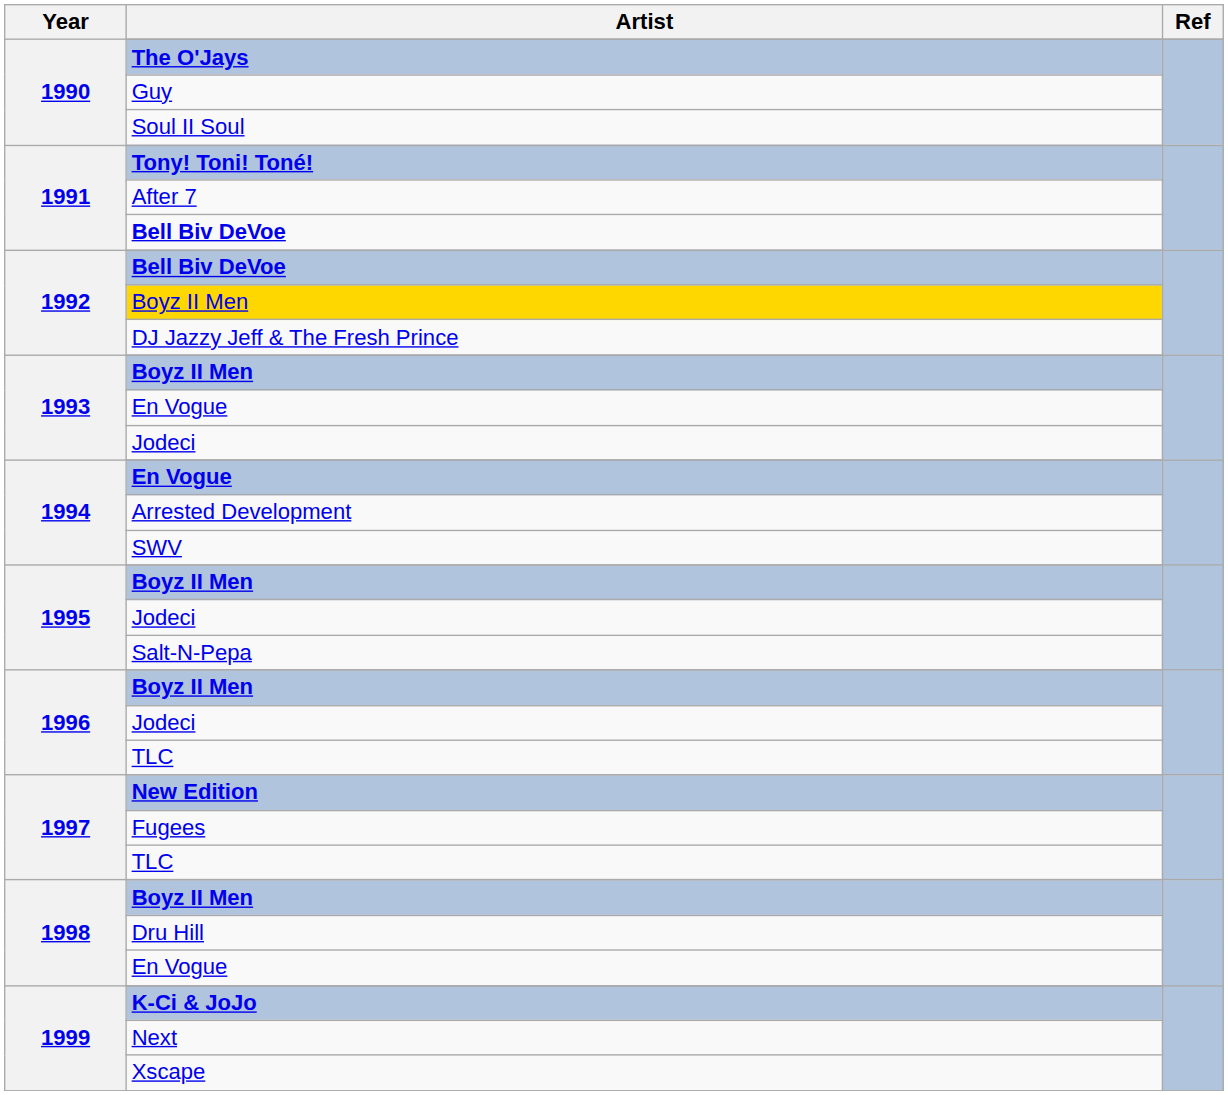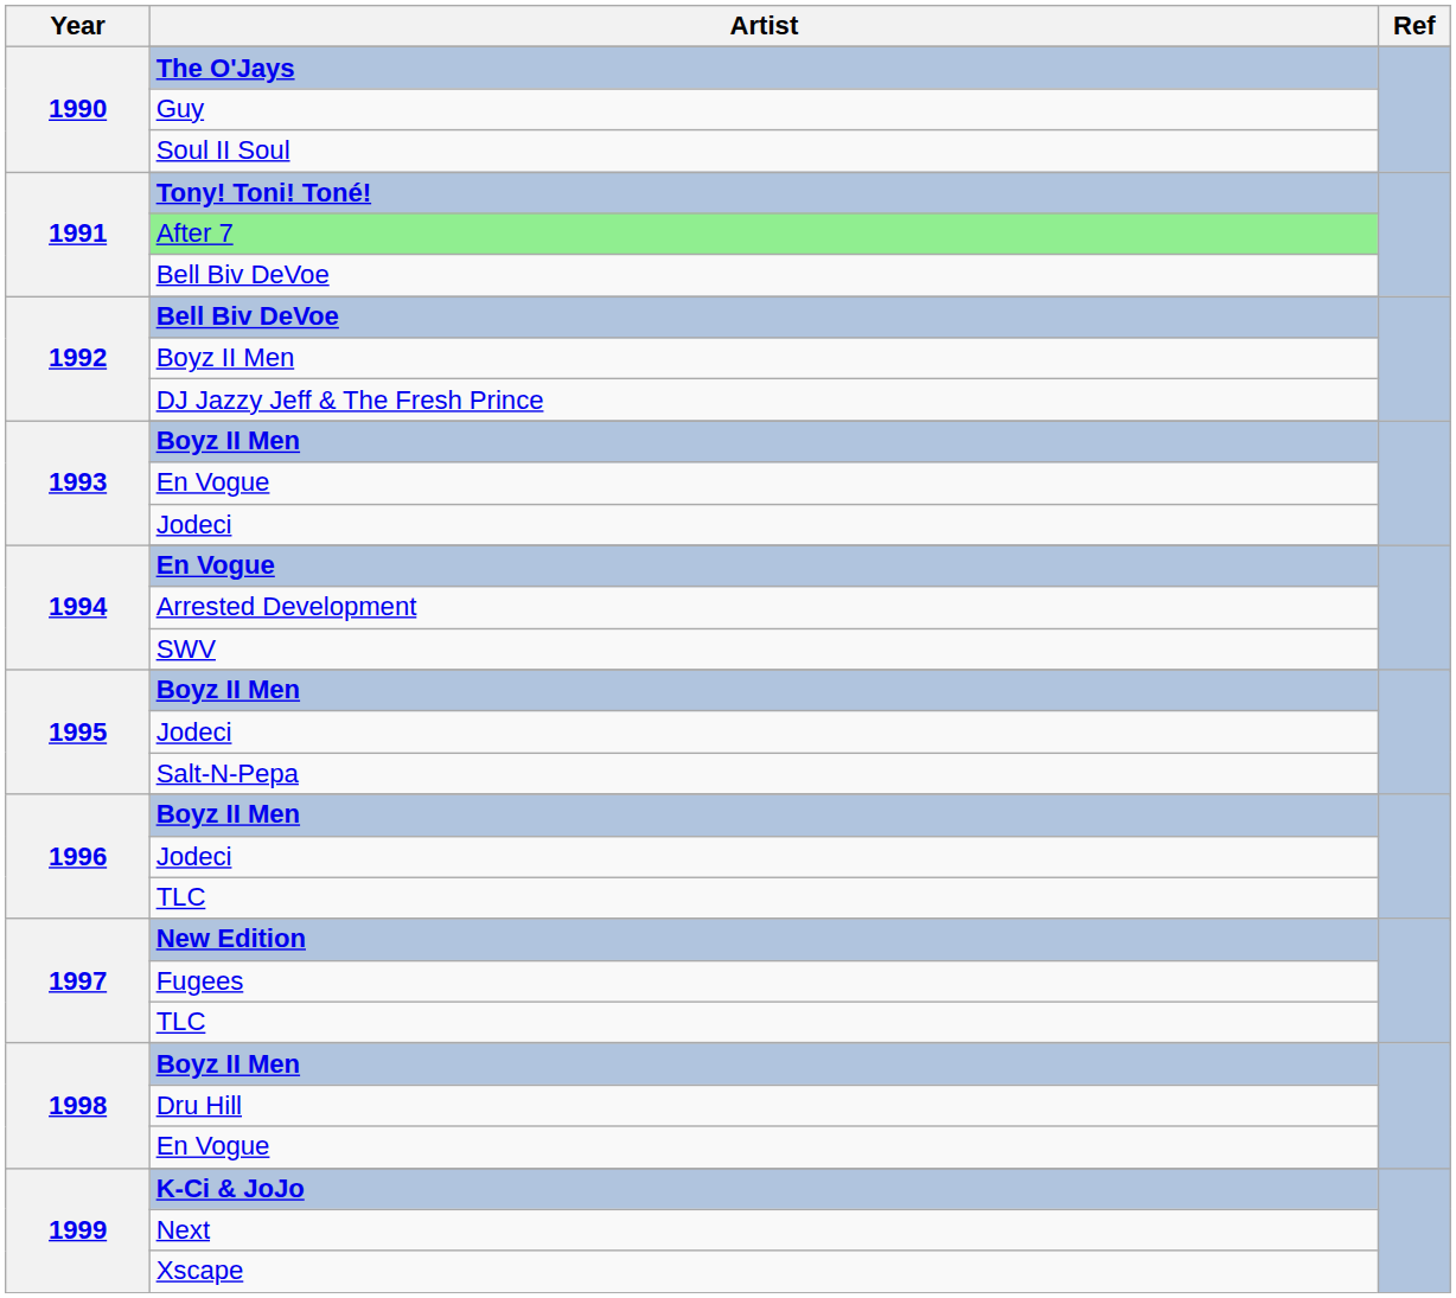 <table class="wikitable" width="100%">
 <tr>
 <th width="10%">Year</th>
 <th width="85%">Artist</th>
 <th width="5%">Ref</th>
 </tr>
 <tr>
 <th rowspan="4" align="center"><a href='#'>1990<br></a></th>
 </tr>
 <tr style="background:#B0C4DE">
 <td><strong><a href='#'>The O'Jays</a></strong></td>
 <td rowspan="4" align="center"></td>
 </tr>
 <tr>
 <td><a href='#'>Guy</a></td>
 </tr>
 <tr>
 <td><a href='#'>Soul II Soul</a></td>
 </tr>
 <tr>
 <th rowspan="4" align="center"><a href='#'>1991<br></a></th>
 </tr>
 <tr style="background:#B0C4DE">
 <td><strong><a href='#'>Tony! Toni! Toné!</a></strong></td>
 <td rowspan="4" align="center"></td>
 </tr>
 <tr>
-<td><a href='#'>After 7</a></td>
+<td style="background: lightgreen;"><a href='#'>After 7</a></td>
 </tr>
 <tr>
-<td><strong><a href='#'>Bell Biv DeVoe</a></strong></td>
+<td><a href='#'>Bell Biv DeVoe</a></td>
 </tr>
 <tr>
 <th rowspan="4" align="center"><a href='#'>1992<br></a></th>
 </tr>
 <tr style="background:#B0C4DE">
 <td><strong><a href='#'>Bell Biv DeVoe</a></strong></td>
 <td rowspan="4" align="center"></td>
 </tr>
 <tr>
-<td style="background: gold;"><a href='#'>Boyz II Men</a></td>
+<td><a href='#'>Boyz II Men</a></td>
 </tr>
 <tr>
 <td><a href='#'>DJ Jazzy Jeff & The Fresh Prince</a></td>
 </tr>
 <tr>
 <th rowspan="4" align="center"><a href='#'>1993<br></a></th>
 </tr>
 <tr style="background:#B0C4DE">
 <td><strong><a href='#'>Boyz II Men</a></strong></td>
 <td rowspan="4" align="center"></td>
 </tr>
 <tr>
 <td><a href='#'>En Vogue</a></td>
 </tr>
 <tr>
 <td><a href='#'>Jodeci</a></td>
 </tr>
 <tr>
 <th rowspan="4" align="center"><a href='#'>1994<br></a></th>
 </tr>
 <tr style="background:#B0C4DE">
 <td><strong><a href='#'>En Vogue</a></strong></td>
 <td rowspan="4" align="center"></td>
 </tr>
 <tr>
 <td><a href='#'>Arrested Development</a></td>
 </tr>
 <tr>
 <td><a href='#'>SWV</a></td>
 </tr>
 <tr>
 <th rowspan="4" align="center"><a href='#'>1995<br></a></th>
 </tr>
 <tr style="background:#B0C4DE">
 <td><strong><a href='#'>Boyz II Men</a></strong></td>
 <td rowspan="4" align="center"></td>
 </tr>
 <tr>
 <td><a href='#'>Jodeci</a></td>
 </tr>
 <tr>
 <td><a href='#'>Salt-N-Pepa</a></td>
 </tr>
 <tr>
 <th rowspan="4" align="center"><a href='#'>1996<br></a></th>
 </tr>
 <tr style="background:#B0C4DE">
 <td><strong><a href='#'>Boyz II Men</a></strong></td>
 <td rowspan="4" align="center"></td>
 </tr>
 <tr>
 <td><a href='#'>Jodeci</a></td>
 </tr>
 <tr>
 <td><a href='#'>TLC</a></td>
 </tr>
 <tr>
 <th rowspan="4" align="center"><a href='#'>1997<br></a></th>
 </tr>
 <tr style="background:#B0C4DE">
 <td><strong><a href='#'>New Edition</a></strong></td>
 <td rowspan="4" align="center"></td>
 </tr>
 <tr>
 <td><a href='#'>Fugees</a></td>
 </tr>
 <tr>
 <td><a href='#'>TLC</a></td>
 </tr>
 <tr>
 <th rowspan="4" align="center"><a href='#'>1998<br></a></th>
 </tr>
 <tr style="background:#B0C4DE">
 <td><strong><a href='#'>Boyz II Men</a></strong></td>
 <td rowspan="4" align="center"></td>
 </tr>
 <tr>
 <td><a href='#'>Dru Hill</a></td>
 </tr>
 <tr>
 <td><a href='#'>En Vogue</a></td>
 </tr>
 <tr>
 <th rowspan="4" align="center"><a href='#'>1999<br></a></th>
 </tr>
 <tr style="background:#B0C4DE">
 <td><strong><a href='#'>K-Ci & JoJo</a></strong></td>
 <td rowspan="4" align="center"></td>
 </tr>
 <tr>
 <td><a href='#'>Next</a></td>
 </tr>
 <tr>
 <td><a href='#'>Xscape</a></td>
 </tr>
 </table>
